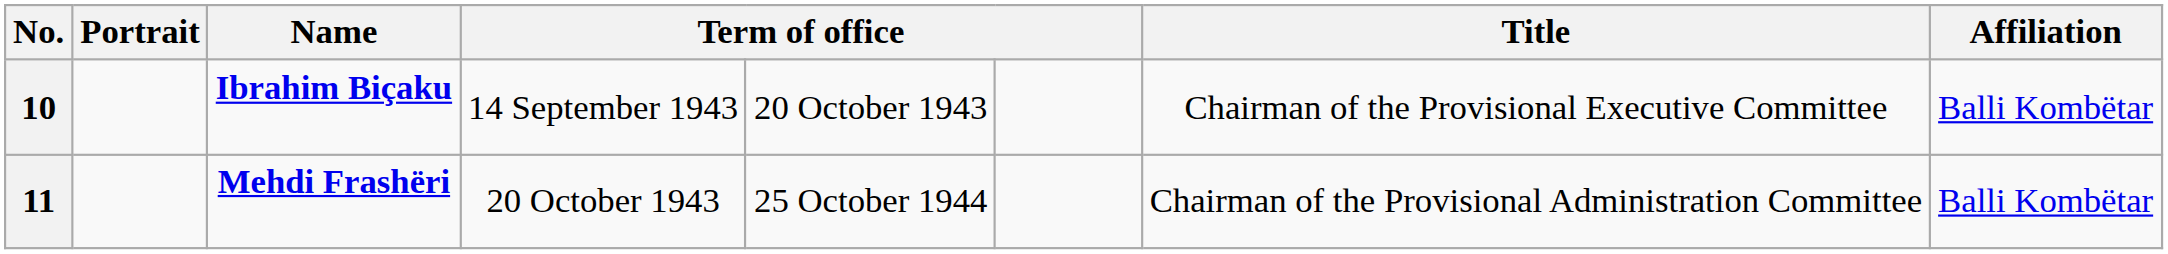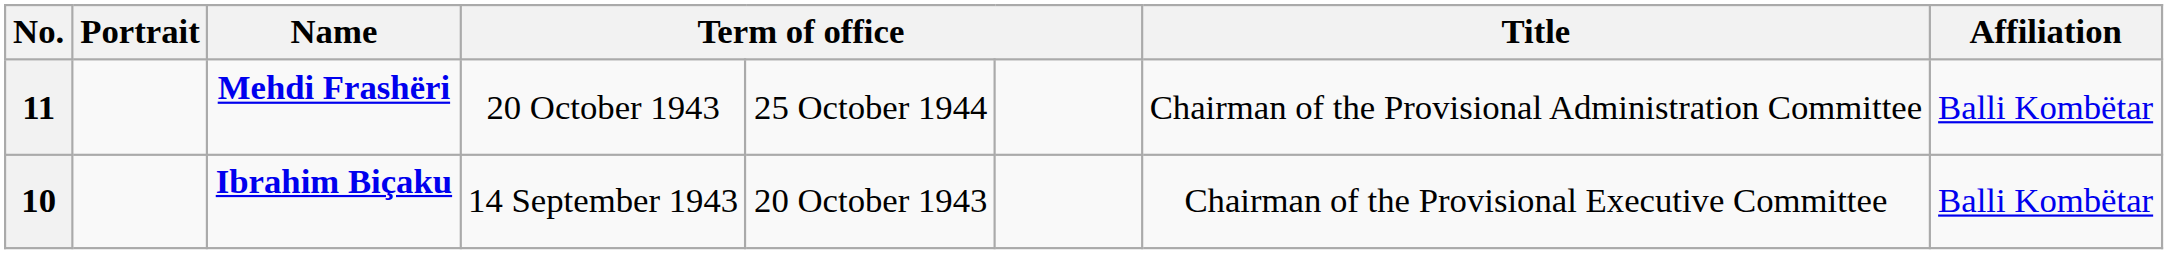 <table class="wikitable" style="text-align:center;">
 <tr>
 <th>No.</th>
 <th>Portrait</th>
 <th>Name</th>
 <th colspan="3">Term of office</th>
 <th>Title</th>
 <th>Affiliation</th>
+</tr>
+<tr>
+<th style="background:">11</th>
+<td></td>
+<td><strong><a href='#'>Mehdi Frashëri</a></strong><br><br></td>
+<td>20 October 1943</td>
+<td>25 October 1944</td>
+<td><em></em></td>
+<td>Chairman of the Provisional Administration Committee</td>
+<td><a href='#'>Balli Kombëtar</a></td>
 </tr>
 <tr>
 <th style="background:">10</th>
 <td></td>
 <td><strong><a href='#'>Ibrahim Biçaku</a></strong><br><br></td>
 <td>14 September 1943</td>
 <td>20 October 1943</td>
 <td width="60px"><em></em></td>
 <td>Chairman of the Provisional Executive Committee</td>
 <td><a href='#'>Balli Kombëtar</a></td>
 </tr>
-<tr>
-<th style="background:">11</th>
-<td></td>
-<td><strong><a href='#'>Mehdi Frashëri</a></strong><br><br></td>
-<td>20 October 1943</td>
-<td>25 October 1944</td>
-<td><em></em></td>
-<td>Chairman of the Provisional Administration Committee</td>
-<td><a href='#'>Balli Kombëtar</a></td>
-</tr>
 </table>
